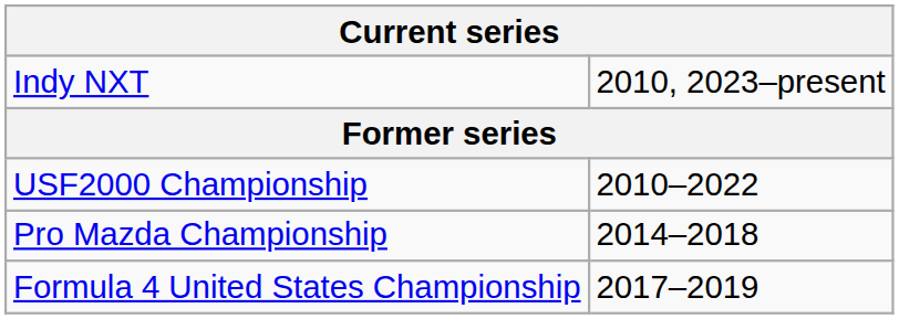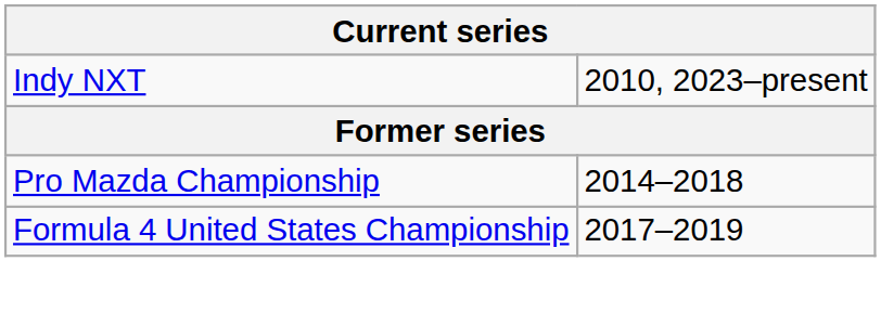 <table class="wikitable" style="font-size: 85%;">
 <tr>
 <th colspan="2">Current series</th>
 </tr>
 <tr>
 <td><a href='#'>Indy NXT</a></td>
 <td>2010, 2023–present</td>
 </tr>
 <tr>
 <th colspan="2">Former series</th>
 </tr>
 <tr>
-<td><a href='#'>USF2000 Championship</a></td>
-<td>2010–2022</td>
-</tr>
-<tr>
 <td><a href='#'>Pro Mazda Championship</a></td>
 <td>2014–2018</td>
 </tr>
 <tr>
 <td><a href='#'>Formula 4 United States Championship</a></td>
 <td>2017–2019</td>
 </tr>
 </table>
